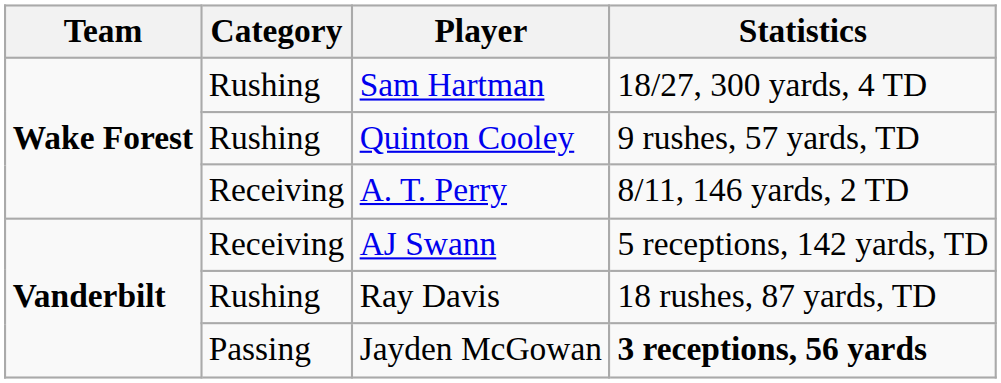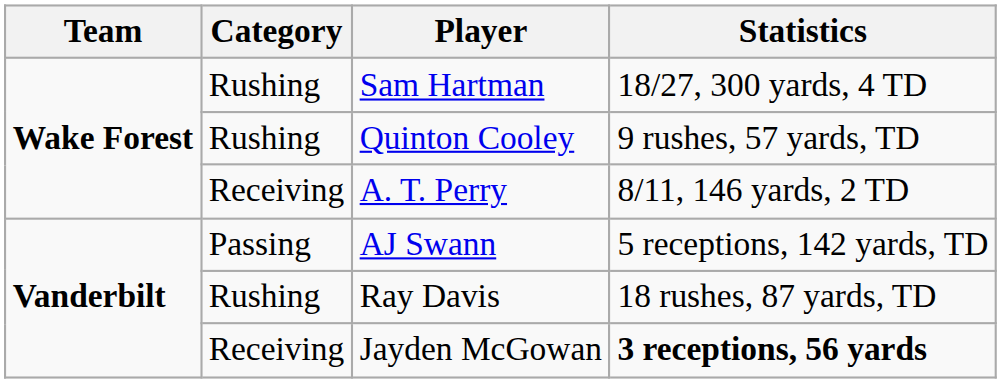 <table class="wikitable" style="float: left;">
 <tr>
 <th>Team</th>
 <th>Category</th>
 <th>Player</th>
 <th>Statistics</th>
 </tr>
 <tr>
 <td rowspan=3><strong>Wake Forest</strong></td>
 <td>Rushing</td>
 <td><a href='#'>Sam Hartman</a></td>
 <td>18/27, 300 yards, 4 TD</td>
 </tr>
 <tr>
 <td>Rushing</td>
 <td><a href='#'>Quinton Cooley</a></td>
 <td>9 rushes, 57 yards, TD</td>
 </tr>
 <tr>
 <td>Receiving</td>
 <td><a href='#'>A. T. Perry</a></td>
 <td>8/11, 146 yards, 2 TD</td>
 </tr>
 <tr>
 <td rowspan=3><strong>Vanderbilt</strong></td>
-<td>Receiving</td>
+<td>Passing</td>
 <td><a href='#'>AJ Swann</a></td>
 <td>5 receptions, 142 yards, TD</td>
 </tr>
 <tr>
 <td>Rushing</td>
 <td>Ray Davis</td>
 <td>18 rushes, 87 yards, TD</td>
 </tr>
 <tr>
-<td>Passing</td>
+<td>Receiving</td>
 <td>Jayden McGowan</td>
 <td><strong>3 receptions, 56 yards</strong></td>
 </tr>
 </table>
